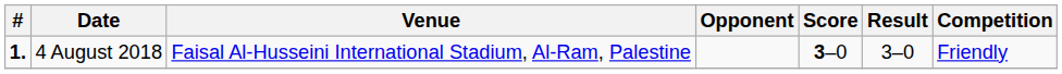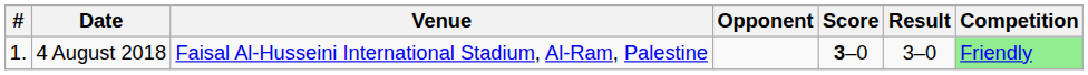 <table class="wikitable">
 <tr>
 <th>#</th>
 <th>Date</th>
 <th>Venue</th>
 <th>Opponent</th>
 <th>Score</th>
 <th>Result</th>
 <th>Competition</th>
 </tr>
 <tr>
-<td><strong>1.</strong></td>
+<td>1.</td>
 <td>4 August 2018</td>
 <td><a href='#'>Faisal Al-Husseini International Stadium</a>, <a href='#'>Al-Ram</a>, <a href='#'>Palestine</a></td>
 <td></td>
 <td align=center><strong>3</strong>–0</td>
 <td align=center>3–0</td>
-<td><a href='#'>Friendly</a></td>
+<td style="background: lightgreen;"><a href='#'>Friendly</a></td>
 </tr>
 <tr>
 </tr>
 </table>
